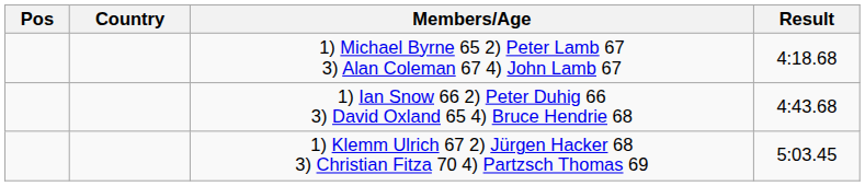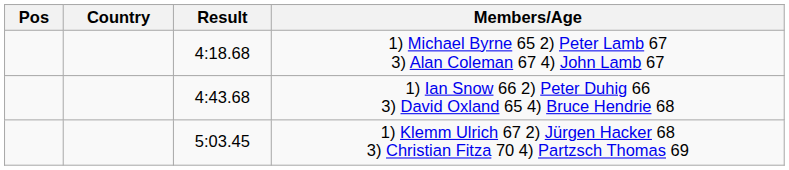 <table class="wikitable"  style="text-align:center; width:60%;">
 <tr>
 <th>Pos</th>
 <th>Country</th>
+<th>Result</th>
 <th>Members/Age</th>
-<th>Result</th>
 </tr>
 <tr>
 <td align=center></td>
 <td align=left></td>
+<td>4:18.68</td>
 <td>1) <a href='#'>Michael Byrne</a> 65 2) <a href='#'>Peter Lamb</a> 67<br>3)  <a href='#'>Alan Coleman</a> 67 4) <a href='#'>John Lamb</a> 67</td>
-<td>4:18.68</td>
 </tr>
 <tr>
 <td align=center></td>
 <td align=left></td>
+<td>4:43.68</td>
 <td>1) <a href='#'>Ian Snow</a> 66 2) <a href='#'>Peter Duhig</a> 66<br>3) <a href='#'>David Oxland</a> 65 4) <a href='#'>Bruce Hendrie</a> 68</td>
-<td>4:43.68</td>
 </tr>
 <tr>
 <td align=center></td>
 <td align=left></td>
+<td>5:03.45</td>
 <td>1) <a href='#'>Klemm Ulrich</a> 67 2) <a href='#'>Jürgen Hacker</a> 68<br>3) <a href='#'>Christian Fitza</a> 70 4) <a href='#'>Partzsch Thomas</a> 69</td>
-<td>5:03.45</td>
 </tr>
 </table>
